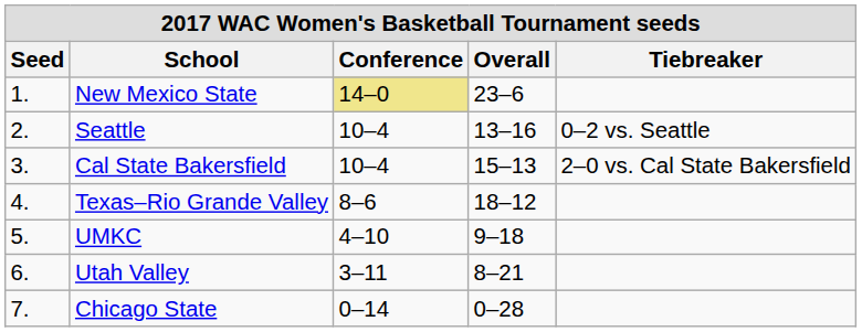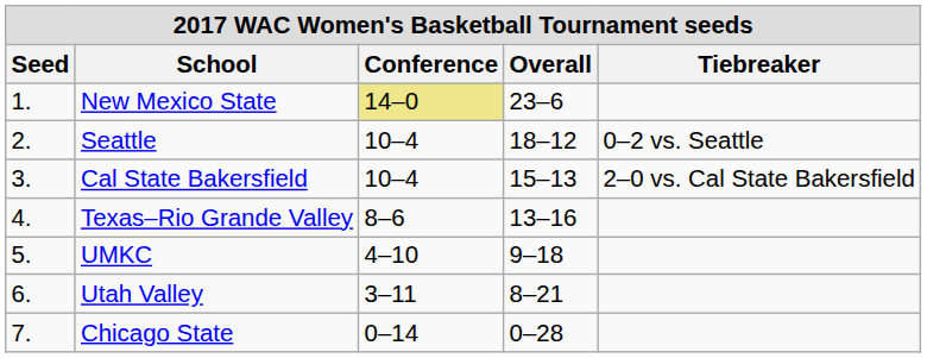 <table class="wikitable" style="white-space:nowrap; font-size:90%;">
 <tr>
 <td colspan="7" style="text-align:center; background:#DDDDDD; font:#000000"><strong>2017 WAC Women's Basketball Tournament seeds</strong></td>
 </tr>
 <tr bgcolor="#efefef">
 <th>Seed</th>
 <th>School</th>
 <th>Conference</th>
 <th>Overall</th>
 <th>Tiebreaker</th>
 </tr>
 <tr>
 <td>1.</td>
 <td><a href='#'>New Mexico State</a></td>
 <td style="background: khaki;">14–0</td>
 <td>23–6</td>
 <td></td>
 </tr>
 <tr>
 <td>2.</td>
 <td><a href='#'>Seattle</a></td>
 <td>10–4</td>
-<td>13–16</td>
+<td>18–12</td>
 <td>0–2 vs. Seattle</td>
 </tr>
 <tr>
 <td>3.</td>
 <td><a href='#'>Cal State Bakersfield</a></td>
 <td>10–4</td>
 <td>15–13</td>
 <td>2–0 vs. Cal State Bakersfield</td>
 </tr>
 <tr>
 <td>4.</td>
 <td><a href='#'>Texas–Rio Grande Valley</a></td>
 <td>8–6</td>
-<td>18–12</td>
+<td>13–16</td>
 <td></td>
 </tr>
 <tr>
 <td>5.</td>
 <td><a href='#'>UMKC</a></td>
 <td>4–10</td>
 <td>9–18</td>
 <td></td>
 </tr>
 <tr>
 <td>6.</td>
 <td><a href='#'>Utah Valley</a></td>
 <td>3–11</td>
 <td>8–21</td>
 <td></td>
 </tr>
 <tr>
 <td>7.</td>
 <td><a href='#'>Chicago State</a></td>
 <td>0–14</td>
 <td>0–28</td>
 <td></td>
 </tr>
 </table>
